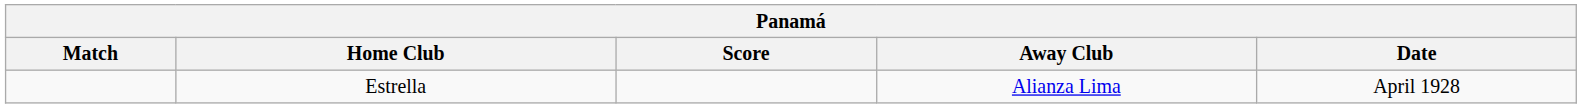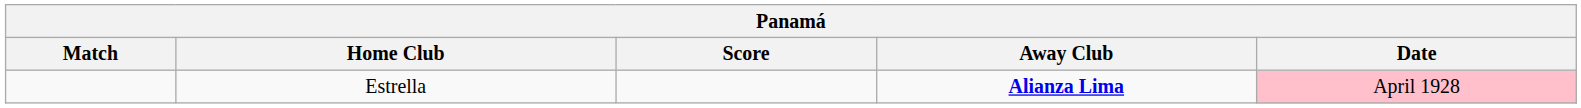 <table class="wikitable collapsible collapsed" style="font-size:95%; text-align: center; width: 95%; margin:0 auto 0.5em auto;">
 <tr>
 <th colspan="9" align="center" style="with: 100%;">Panamá</th>
 </tr>
 <tr>
 <th width="50">Match</th>
 <th width="140">Home Club</th>
 <th width="80">Score</th>
 <th width="120">Away Club</th>
 <th width="100">Date</th>
 </tr>
 <tr>
 <td></td>
 <td>Estrella</td>
 <td></td>
-<td><a href='#'>Alianza Lima</a></td>
-<td>April 1928</td>
+<td><strong><a href='#'>Alianza Lima</a></strong></td>
+<td style="background: pink;">April 1928</td>
 </tr>
 </table>
